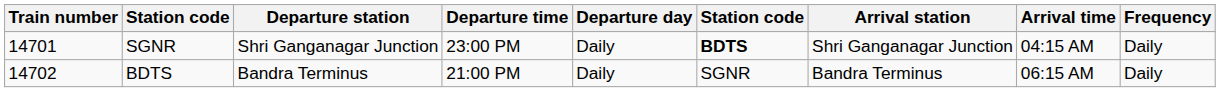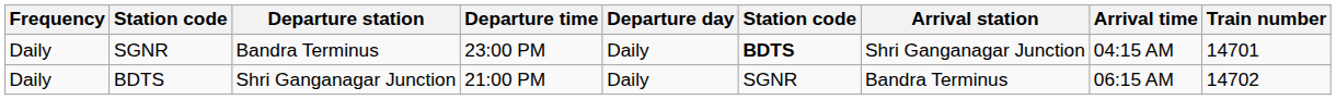 <table class="wikitable">
 <tr>
-<th>Train number</th>
+<th>Frequency</th>
 <th>Station code</th>
 <th>Departure station</th>
 <th>Departure time</th>
 <th>Departure day</th>
 <th>Station code</th>
 <th>Arrival station</th>
 <th>Arrival time</th>
-<th>Frequency</th>
+<th>Train number</th>
 </tr>
 <tr>
-<td>14701</td>
+<td>Daily</td>
 <td>SGNR</td>
-<td>Shri Ganganagar Junction</td>
+<td>Bandra Terminus</td>
 <td>23:00 PM</td>
 <td>Daily</td>
 <td><strong>BDTS</strong></td>
 <td>Shri Ganganagar Junction</td>
 <td>04:15 AM</td>
-<td>Daily</td>
+<td>14701</td>
 </tr>
 <tr>
-<td>14702</td>
+<td>Daily</td>
 <td>BDTS</td>
-<td>Bandra Terminus</td>
+<td>Shri Ganganagar Junction</td>
 <td>21:00 PM</td>
 <td>Daily</td>
 <td>SGNR</td>
 <td>Bandra Terminus</td>
 <td>06:15 AM</td>
-<td>Daily</td>
+<td>14702</td>
 </tr>
 </table>
